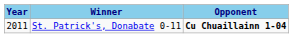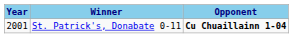 <table class="wikitable">
 <tr>
 <th style="background:skyblue;color:navy;">Year</th>
 <th style="background:skyblue;color:navy;">Winner</th>
 <th style="background:skyblue;color:navy;">Opponent</th>
 </tr>
 <tr>
-<td>2011</td>
+<td>2001</td>
 <td><a href='#'>St. Patrick's, Donabate</a> 0-11</td>
 <td><strong>Cu Chuaillainn 1-04</strong></td>
 </tr>
 </table>
